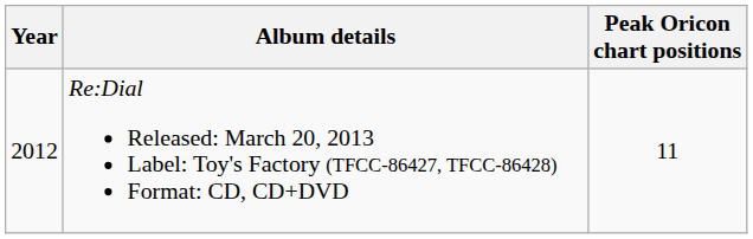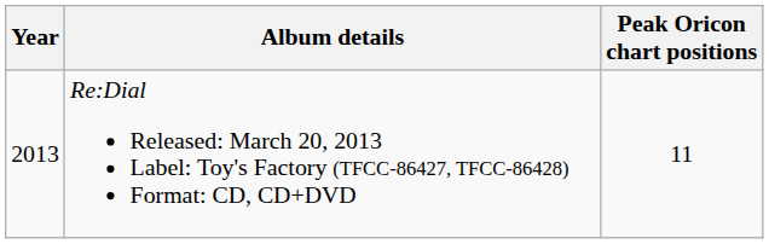 <table class="wikitable" border="1">
 <tr>
 <th rowspan="1">Year</th>
 <th rowspan="1" width="350">Album details</th>
 <th colspan="1">Peak Oricon<br> chart positions</th>
 </tr>
 <tr>
-<td>2012</td>
+<td>2013</td>
 <td align="left"><em>Re:Dial</em><br><ul><li>Released: March 20, 2013</li><li>Label: Toy's Factory <small>(TFCC-86427, TFCC-86428)</small></li><li>Format: CD, CD+DVD</li></ul></td>
 <td align="center">11</td>
 </tr>
 </table>
